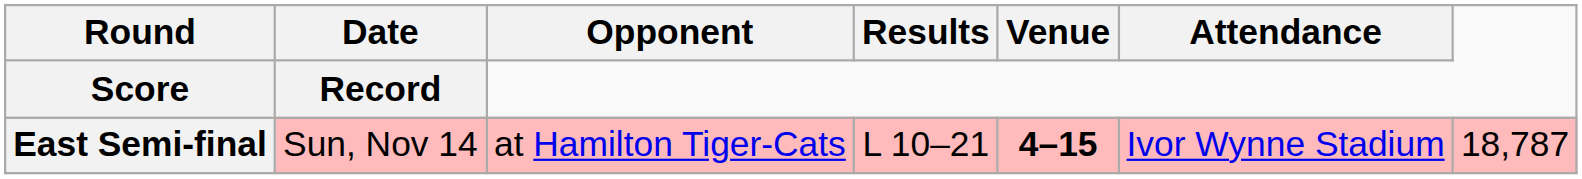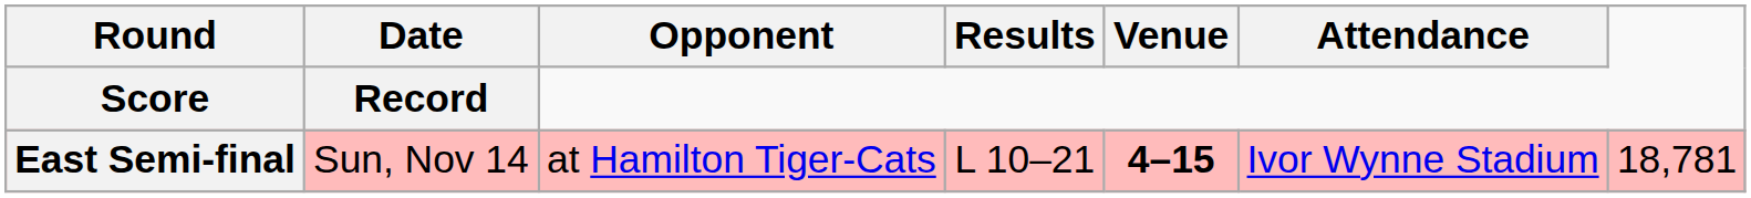 <table class="wikitable" style="text-align:center">
 <tr>
 <th>Round</th>
 <th>Date</th>
 <th>Opponent</th>
 <th>Results</th>
 <th>Venue</th>
 <th>Attendance</th>
 </tr>
 <tr>
 <th>Score</th>
 <th>Record</th>
 </tr>
 <tr style="background:#ffbbbb">
 <th>East Semi-final</th>
 <td>Sun, Nov 14</td>
 <td>at <a href='#'>Hamilton Tiger-Cats</a></td>
 <td>L 10–21</td>
 <td><strong>4–15</strong></td>
 <td><a href='#'>Ivor Wynne Stadium</a></td>
-<td>18,787</td>
+<td>18,781</td>
 </tr>
 </table>
